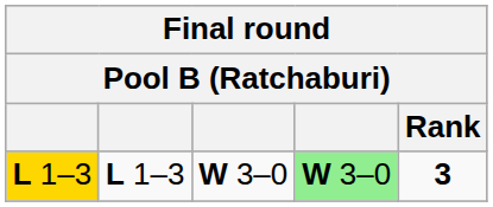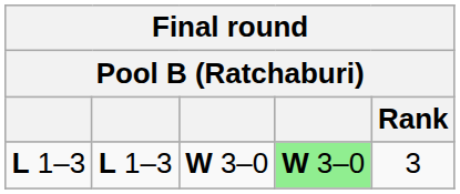 <table class="wikitable" style="font-size:100%;">
 <tr>
 <th colspan=5>Final round</th>
 </tr>
 <tr>
 <th colspan=5>Pool B (Ratchaburi)</th>
 </tr>
 <tr>
 <th></th>
 <th></th>
 <th></th>
 <th></th>
 <th>Rank</th>
 </tr>
 <tr align=center>
-<td style="background: gold;"><strong>L</strong> 1–3</td>
+<td><strong>L</strong> 1–3</td>
 <td><strong>L</strong> 1–3</td>
 <td><strong>W</strong> 3–0</td>
 <td style="background: lightgreen;"><strong>W</strong> 3–0</td>
-<td><strong>3</strong></td>
+<td>3</td>
 </tr>
 </table>
